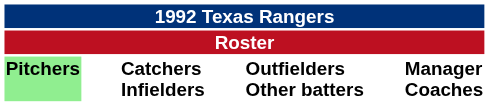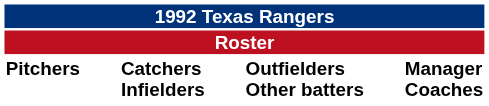 <table class="toccolours" style="font-size: 95%;">
 <tr>
 <th colspan="10" style="background-color: #003279; color: white; text-align: center;">1992 Texas Rangers</th>
 </tr>
 <tr>
 <td colspan="10" style="background-color: #bd1021; color: white; text-align: center;"><strong>Roster</strong></td>
 </tr>
 <tr>
-<td valign="top" style="background: lightgreen;"><strong>Pitchers</strong><br>                       </td>
+<td valign="top"><strong>Pitchers</strong><br>                       </td>
 <td width="25px"></td>
 <td valign="top"><strong>Catchers</strong><br>      <strong>Infielders</strong>          </td>
 <td width="25px"></td>
 <td valign="top"><strong>Outfielders</strong><br>          <strong>Other batters</strong> </td>
 <td width="25px"></td>
 <td valign="top"><strong>Manager</strong><br>  <strong>Coaches</strong>       </td>
 </tr>
 </table>
